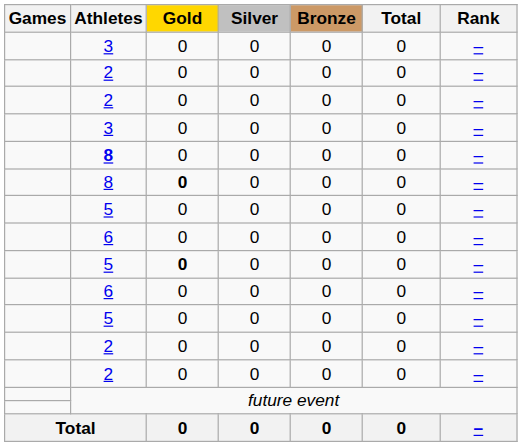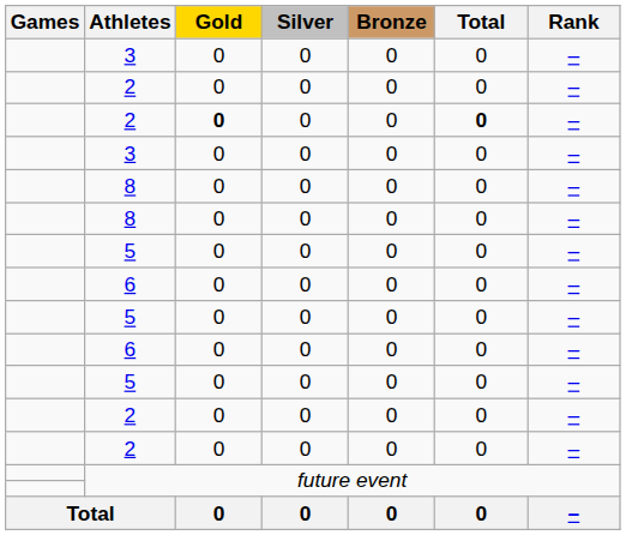 <table class="wikitable" style="text-align:center; font-size:90%;">
 <tr>
 <th>Games</th>
 <th>Athletes</th>
 <td style="background:gold; width:3.7em; font-weight:bold;">Gold</td>
 <td style="background:silver; width:3.7em; font-weight:bold;">Silver</td>
 <td style="background:#cc9966; width:3.7em; font-weight:bold;">Bronze</td>
 <th style="width:4em; font-weight:bold;">Total</th>
 <th style="width:4em; font-weight:bold;">Rank</th>
 </tr>
 <tr>
 <td align=left></td>
 <td><a href='#'>3</a></td>
 <td>0</td>
 <td>0</td>
 <td>0</td>
 <td>0</td>
 <td><a href='#'>–</a></td>
 </tr>
 <tr>
 <td align=left></td>
 <td><a href='#'>2</a></td>
 <td>0</td>
 <td>0</td>
 <td>0</td>
 <td>0</td>
 <td><a href='#'>–</a></td>
 </tr>
 <tr>
 <td align=left></td>
 <td><a href='#'>2</a></td>
+<td><strong>0</strong></td>
 <td>0</td>
 <td>0</td>
-<td>0</td>
-<td>0</td>
+<td><strong>0</strong></td>
 <td><a href='#'>–</a></td>
 </tr>
 <tr>
 <td align=left></td>
 <td><a href='#'>3</a></td>
 <td>0</td>
 <td>0</td>
 <td>0</td>
 <td>0</td>
 <td><a href='#'>–</a></td>
 </tr>
 <tr>
 <td align=left></td>
-<td><strong><a href='#'>8</a></strong></td>
+<td><a href='#'>8</a></td>
 <td>0</td>
 <td>0</td>
 <td>0</td>
 <td>0</td>
 <td><a href='#'>–</a></td>
 </tr>
 <tr>
 <td align=left></td>
 <td><a href='#'>8</a></td>
-<td><strong>0</strong></td>
+<td>0</td>
 <td>0</td>
 <td>0</td>
 <td>0</td>
 <td><a href='#'>–</a></td>
 </tr>
 <tr>
 <td align=left></td>
 <td><a href='#'>5</a></td>
 <td>0</td>
 <td>0</td>
 <td>0</td>
 <td>0</td>
 <td><a href='#'>–</a></td>
 </tr>
 <tr>
 <td align=left></td>
 <td><a href='#'>6</a></td>
 <td>0</td>
 <td>0</td>
 <td>0</td>
 <td>0</td>
 <td><a href='#'>–</a></td>
 </tr>
 <tr>
 <td align=left></td>
 <td><a href='#'>5</a></td>
-<td><strong>0</strong></td>
+<td>0</td>
 <td>0</td>
 <td>0</td>
 <td>0</td>
 <td><a href='#'>–</a></td>
 </tr>
 <tr>
 <td align=left></td>
 <td><a href='#'>6</a></td>
 <td>0</td>
 <td>0</td>
 <td>0</td>
 <td>0</td>
 <td><a href='#'>–</a></td>
 </tr>
 <tr>
 <td align=left></td>
 <td><a href='#'>5</a></td>
 <td>0</td>
 <td>0</td>
 <td>0</td>
 <td>0</td>
 <td><a href='#'>–</a></td>
 </tr>
 <tr>
 <td align=left></td>
 <td><a href='#'>2</a></td>
 <td>0</td>
 <td>0</td>
 <td>0</td>
 <td>0</td>
 <td><a href='#'>–</a></td>
 </tr>
 <tr>
 <td align=left></td>
 <td><a href='#'>2</a></td>
 <td>0</td>
 <td>0</td>
 <td>0</td>
 <td>0</td>
 <td><a href='#'>–</a></td>
 </tr>
 <tr>
 <td align=left></td>
 <td colspan=6; rowspan=2><em>future event</em></td>
 </tr>
 <tr>
 <td align=left></td>
 </tr>
 <tr>
 <th colspan=2>Total</th>
 <th>0</th>
 <th>0</th>
 <th>0</th>
 <th>0</th>
 <th><a href='#'>–</a></th>
 </tr>
 </table>
